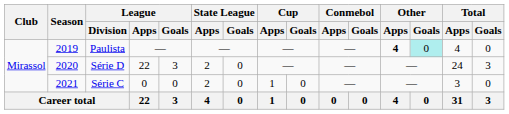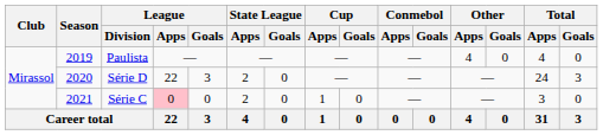 <table class="wikitable" style="text-align: center;">
 <tr>
 <th rowspan="2">Club</th>
 <th rowspan="2">Season</th>
 <th colspan="3">League</th>
 <th colspan="2">State League</th>
 <th colspan="2">Cup</th>
 <th colspan="2">Conmebol</th>
 <th colspan="2">Other</th>
 <th colspan="2">Total</th>
 </tr>
 <tr>
 <th>Division</th>
 <th>Apps</th>
 <th>Goals</th>
 <th>Apps</th>
 <th>Goals</th>
 <th>Apps</th>
 <th>Goals</th>
 <th>Apps</th>
 <th>Goals</th>
 <th>Apps</th>
 <th>Goals</th>
 <th>Apps</th>
 <th>Goals</th>
 </tr>
 <tr>
 <td rowspan="3" valign="center"><a href='#'>Mirassol</a></td>
 <td><a href='#'>2019</a></td>
 <td><a href='#'>Paulista</a></td>
 <td colspan="2">—</td>
 <td colspan="2">—</td>
 <td colspan="2">—</td>
 <td colspan="2">—</td>
-<td><strong>4</strong></td>
-<td style="background: paleturquoise;">0</td>
+<td>4</td>
+<td>0</td>
 <td>4</td>
 <td>0</td>
 </tr>
 <tr>
 <td><a href='#'>2020</a></td>
 <td><a href='#'>Série D</a></td>
 <td>22</td>
 <td>3</td>
 <td>2</td>
 <td>0</td>
 <td colspan="2">—</td>
 <td colspan="2">—</td>
 <td colspan="2">—</td>
 <td>24</td>
 <td>3</td>
 </tr>
 <tr>
 <td><a href='#'>2021</a></td>
 <td><a href='#'>Série C</a></td>
-<td>0</td>
+<td style="background: pink;">0</td>
 <td>0</td>
 <td>2</td>
 <td>0</td>
 <td>1</td>
 <td>0</td>
 <td colspan="2">—</td>
 <td colspan="2">—</td>
 <td>3</td>
 <td>0</td>
 </tr>
 <tr>
 <th colspan="3"><strong>Career total</strong></th>
 <th>22</th>
 <th>3</th>
 <th>4</th>
 <th>0</th>
 <th>1</th>
 <th>0</th>
 <th>0</th>
 <th>0</th>
 <th>4</th>
 <th>0</th>
 <th>31</th>
 <th>3</th>
 </tr>
 </table>
